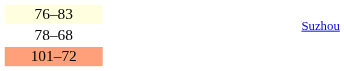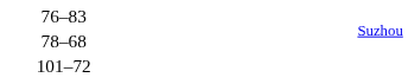 <table style="text-align:center">
 <tr>
 <th width=200></th>
 <th width=100></th>
 <th width=200></th>
 <th></th>
 </tr>
 <tr>
 <td align=right></td>
-<td style="background: lightyellow;">76–83</td>
+<td>76–83</td>
 <td align=left><strong></strong></td>
 <td align=left rowspan=2><small><a href='#'>Suzhou</a></small></td>
 </tr>
 <tr>
 <td align=right><strong></strong></td>
 <td>78–68</td>
 <td align=left></td>
 </tr>
 <tr>
 <td align=right><strong></strong></td>
-<td style="background: lightsalmon;">101–72</td>
+<td>101–72</td>
 <td align=left></td>
 </tr>
 </table>
